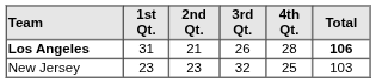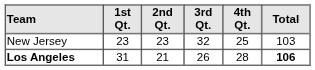 <table border=1 cellspacing=0 width=425 style="margin-left:3em;">
 <tr style="text-align:center; background-color:#e6e6e6;">
 <th align=left width=16%>Team</th>
 <th width=6%>1st Qt.</th>
 <th width=6%>2nd Qt.</th>
 <th width=6%>3rd Qt.</th>
 <th width=6%>4th Qt.</th>
 <th width=6%>Total</th>
 </tr>
 <tr style="text-align:center;">
+<td align=left>New Jersey</td>
+<td>23</td>
+<td>23</td>
+<td>32</td>
+<td>25</td>
+<td>103</td>
+</tr>
+<tr style="text-align:center;">
 <td align=left><strong>Los Angeles</strong></td>
 <td>31</td>
 <td>21</td>
 <td>26</td>
 <td>28</td>
 <td><strong>106</strong></td>
 </tr>
 <tr style="text-align:center;">
-<td align=left>New Jersey</td>
-<td>23</td>
-<td>23</td>
-<td>32</td>
-<td>25</td>
-<td>103</td>
-</tr>
-<tr style="text-align:center;">
 </tr>
 </table>
